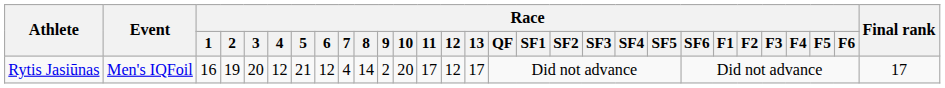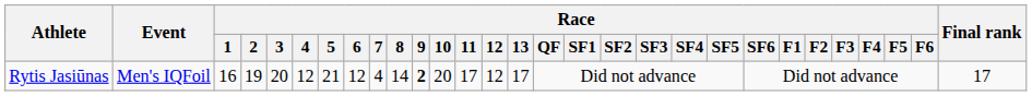 <table class="wikitable" style="font-size:90%">
 <tr>
 <th rowspan="2">Athlete</th>
 <th rowspan="2">Event</th>
 <th colspan=26>Race</th>
 <th rowspan=2>Final rank</th>
 </tr>
 <tr style="font-size:95%">
 <th>1</th>
 <th>2</th>
 <th>3</th>
 <th>4</th>
 <th>5</th>
 <th>6</th>
 <th>7</th>
 <th>8</th>
 <th>9</th>
 <th>10</th>
 <th>11</th>
 <th>12</th>
 <th>13</th>
 <th>QF</th>
 <th>SF1</th>
 <th>SF2</th>
 <th>SF3</th>
 <th>SF4</th>
 <th>SF5</th>
 <th>SF6</th>
 <th>F1</th>
 <th>F2</th>
 <th>F3</th>
 <th>F4</th>
 <th>F5</th>
 <th>F6</th>
 </tr>
 <tr align=center>
 <td align=left><a href='#'>Rytis Jasiūnas</a></td>
 <td align=left><a href='#'>Men's IQFoil</a></td>
 <td>16</td>
 <td>19</td>
 <td>20</td>
 <td>12</td>
 <td>21</td>
 <td>12</td>
 <td>4</td>
 <td>14</td>
-<td>2</td>
+<td><strong>2</strong></td>
 <td>20</td>
 <td>17</td>
 <td>12</td>
 <td>17</td>
 <td colspan=6>Did not advance</td>
 <td colspan=7>Did not advance</td>
 <td>17</td>
 </tr>
 </table>
